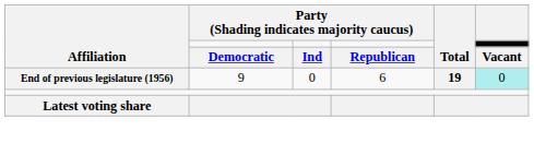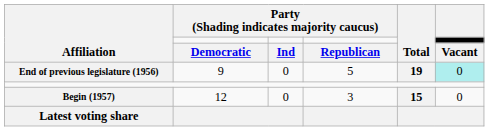 <table class=wikitable style="text-align:center; width:50%">
 <tr style="vertical-align:bottom;">
 <th rowspan=3>Affiliation</th>
 <th colspan=3>Party <div>(Shading indicates majority caucus)</div></th>
 <th rowspan=3>Total</th>
 <th></th>
 </tr>
 <tr style="height:5px">
 <td style="background-color:"></td>
 <td style="background-color:"></td>
 <td style="background-color:"></td>
 <td style="background-color:black"></td>
 </tr>
 <tr>
 <th><a href='#'>Democratic</a></th>
 <th><a href='#'>Ind</a></th>
 <th><a href='#'>Republican</a></th>
 <th>Vacant</th>
 </tr>
 <tr>
 <th nowrap style="font-size:80%">End of previous legislature (1956)</th>
 <td>9</td>
 <td>0</td>
-<td>6</td>
+<td>5</td>
 <th>19</th>
 <td style="background: paleturquoise;">0</td>
 </tr>
 <tr>
 <td colspan=6></td>
+</tr>
+<tr>
+<th nowrap style="font-size:80%">Begin (1957)</th>
+<td>12</td>
+<td>0</td>
+<td>3</td>
+<th>15</th>
+<td>0</td>
 </tr>
 <tr>
 <th>Latest voting share</th>
 <th colspan=2 ></th>
 <th></th>
 <th colspan=2></th>
 </tr>
 </table>
